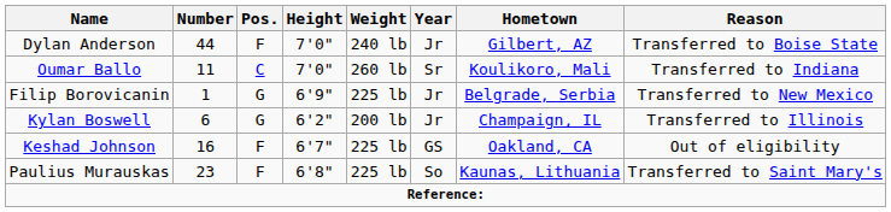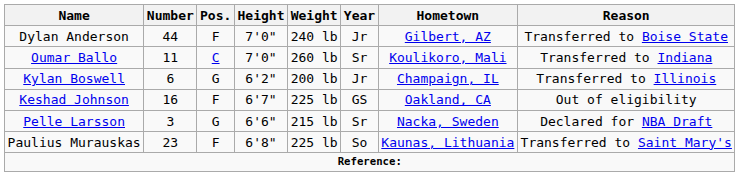 <table class="wikitable sortable" style="text-align: center">
 <tr align=center>
 <th>Name</th>
 <th>Number</th>
 <th>Pos.</th>
 <th>Height</th>
 <th>Weight</th>
 <th>Year</th>
 <th>Hometown</th>
 <th>Reason</th>
 </tr>
 <tr>
 <td>Dylan Anderson</td>
 <td>44</td>
 <td>F</td>
 <td>7'0"</td>
 <td>240 lb</td>
 <td>Jr</td>
 <td><a href='#'>Gilbert, AZ</a></td>
 <td>Transferred to <a href='#'>Boise State</a></td>
 </tr>
 <tr>
 <td><a href='#'>Oumar Ballo</a></td>
 <td>11</td>
 <td><a href='#'>C</a></td>
 <td>7'0"</td>
 <td>260 lb</td>
 <td> Sr</td>
 <td><a href='#'>Koulikoro, Mali</a></td>
 <td>Transferred to <a href='#'>Indiana</a></td>
 </tr>
 <tr>
-<td>Filip Borovicanin</td>
-<td>1</td>
-<td>G</td>
-<td>6'9"</td>
-<td>225 lb</td>
-<td>Jr</td>
-<td><a href='#'>Belgrade, Serbia</a></td>
-<td>Transferred to <a href='#'>New Mexico</a></td>
-</tr>
-<tr>
 <td><a href='#'>Kylan Boswell</a></td>
 <td>6</td>
 <td>G</td>
 <td>6'2"</td>
 <td>200 lb</td>
 <td>Jr</td>
 <td><a href='#'>Champaign, IL</a></td>
 <td>Transferred to <a href='#'>Illinois</a></td>
 </tr>
 <tr>
 <td><a href='#'>Keshad Johnson</a></td>
 <td>16</td>
 <td>F</td>
 <td>6'7"</td>
 <td>225 lb</td>
 <td>GS</td>
 <td><a href='#'>Oakland, CA</a></td>
 <td>Out of eligibility</td>
 </tr>
 <tr>
+<td><a href='#'>Pelle Larsson</a></td>
+<td>3</td>
+<td>G</td>
+<td>6'6"</td>
+<td>215 lb</td>
+<td>Sr</td>
+<td><a href='#'>Nacka, Sweden</a></td>
+<td>Declared for <a href='#'>NBA Draft</a></td>
+</tr>
+<tr>
 <td>Paulius Murauskas</td>
 <td>23</td>
 <td>F</td>
 <td>6'8"</td>
 <td>225 lb</td>
 <td>So</td>
 <td><a href='#'>Kaunas, Lithuania</a></td>
 <td>Transferred to <a href='#'> Saint Mary's</a></td>
 </tr>
 <tr>
 <td colspan="8" style="font-size:8pt; text-align:center;"><strong>Reference:</strong></td>
 </tr>
 </table>
